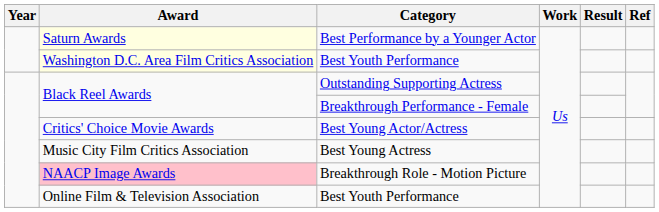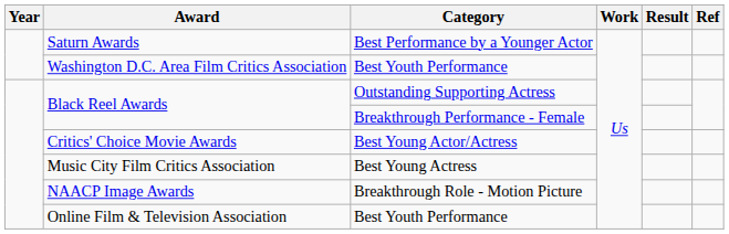 <table class="wikitable sortable">
 <tr>
 <th>Year</th>
 <th>Award</th>
 <th>Category</th>
 <th>Work</th>
 <th>Result</th>
 <th>Ref</th>
 </tr>
 <tr>
 <td rowspan="2"></td>
-<td style="background: lightyellow;"><a href='#'>Saturn Awards</a></td>
+<td><a href='#'>Saturn Awards</a></td>
 <td><a href='#'>Best Performance by a Younger Actor</a></td>
 <td style="text-align:center;" rowspan="8"><em><a href='#'>Us</a></em></td>
 <td></td>
 <td style="text-align:center;"></td>
 </tr>
 <tr>
-<td style="background: lightyellow;"><a href='#'>Washington D.C. Area Film Critics Association</a></td>
+<td><a href='#'>Washington D.C. Area Film Critics Association</a></td>
 <td><a href='#'>Best Youth Performance</a></td>
 <td></td>
 <td style="text-align:center;"></td>
 </tr>
 <tr>
 <td rowspan="6"></td>
 <td rowspan=2><a href='#'>Black Reel Awards</a></td>
 <td><a href='#'>Outstanding Supporting Actress</a></td>
 <td></td>
 <td style="text-align:center;" rowspan="2"></td>
 </tr>
 <tr>
 <td><a href='#'>Breakthrough Performance - Female</a></td>
 <td></td>
 </tr>
 <tr>
 <td><a href='#'>Critics' Choice Movie Awards</a></td>
 <td><a href='#'>Best Young Actor/Actress</a></td>
 <td></td>
 <td style="text-align:center;"></td>
 </tr>
 <tr>
 <td>Music City Film Critics Association</td>
 <td>Best Young Actress</td>
 <td></td>
 <td style="text-align: center;"></td>
 </tr>
 <tr>
-<td style="background: pink;"><a href='#'>NAACP Image Awards</a></td>
+<td><a href='#'>NAACP Image Awards</a></td>
 <td>Breakthrough Role - Motion Picture</td>
 <td></td>
 <td style="text-align:center;"></td>
 </tr>
 <tr>
 <td>Online Film & Television Association</td>
 <td>Best Youth Performance</td>
 <td></td>
 <td style="text-align:center;"></td>
 </tr>
 </table>
